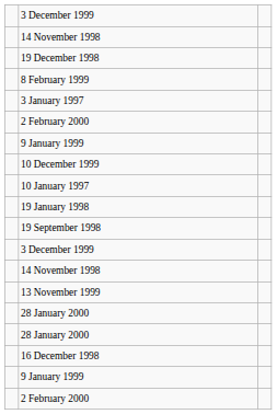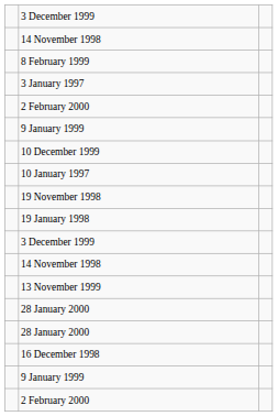 <table class="wikitable" style="font-size: 89%; float: left; width: 26em; margin-right: 1em; height: 560px;">
 <tr>
 <td></td>
 <td>3 December 1999</td>
 <td></td>
 </tr>
 <tr>
 <td></td>
 <td>14 November 1998</td>
-<td></td>
-</tr>
-<tr>
-<td></td>
-<td>19 December 1998</td>
 <td></td>
 </tr>
 <tr>
 <td></td>
 <td>8 February 1999</td>
 <td></td>
 </tr>
 <tr>
 <td></td>
 <td>3 January 1997</td>
 <td></td>
 </tr>
 <tr>
 <td></td>
 <td>2 February 2000</td>
 <td></td>
 </tr>
 <tr>
 <td></td>
 <td>9 January 1999</td>
 <td></td>
 </tr>
 <tr>
 <td></td>
 <td>10 December 1999</td>
 <td></td>
 </tr>
 <tr>
 <td></td>
 <td>10 January 1997</td>
 <td></td>
 </tr>
 <tr>
 <td></td>
-<td>19 January 1998</td>
+<td>19 November 1998</td>
 <td></td>
 </tr>
 <tr>
 <td></td>
-<td>19 September 1998</td>
+<td>19 January 1998</td>
 <td></td>
 </tr>
 <tr>
 <td></td>
 <td>3 December 1999</td>
 <td></td>
 </tr>
 <tr>
 <td></td>
 <td>14 November 1998</td>
 <td></td>
 </tr>
 <tr>
 <td></td>
 <td>13 November 1999</td>
 <td></td>
 </tr>
 <tr>
 <td></td>
 <td>28 January 2000</td>
 <td></td>
 </tr>
 <tr>
 <td></td>
 <td>28 January 2000</td>
 <td></td>
 </tr>
 <tr>
 <td></td>
 <td>16 December 1998</td>
 <td></td>
 </tr>
 <tr>
 <td></td>
 <td>9 January 1999</td>
 <td></td>
 </tr>
 <tr>
 <td></td>
 <td>2 February 2000</td>
 <td></td>
 </tr>
 </table>
